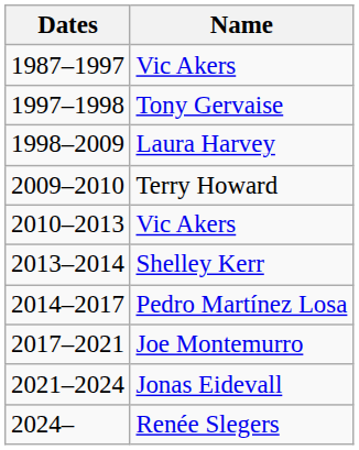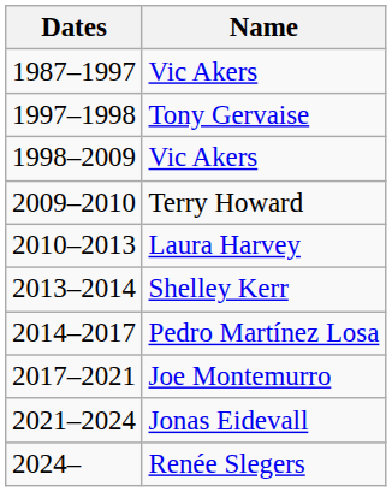 <table class="wikitable">
 <tr>
 <th>Dates</th>
 <th>Name</th>
 </tr>
 <tr>
 <td>1987–1997</td>
 <td> <a href='#'>Vic Akers</a></td>
 </tr>
 <tr>
 <td>1997–1998</td>
 <td> <a href='#'>Tony Gervaise</a></td>
 </tr>
 <tr>
 <td>1998–2009</td>
-<td> <a href='#'>Laura Harvey</a></td>
+<td> <a href='#'>Vic Akers</a></td>
 </tr>
 <tr>
 <td>2009–2010</td>
 <td> Terry Howard</td>
 </tr>
 <tr>
 <td>2010–2013</td>
-<td> <a href='#'>Vic Akers</a></td>
+<td> <a href='#'>Laura Harvey</a></td>
 </tr>
 <tr>
 <td>2013–2014</td>
 <td> <a href='#'>Shelley Kerr</a></td>
 </tr>
 <tr>
 <td>2014–2017</td>
 <td> <a href='#'>Pedro Martínez Losa</a></td>
 </tr>
 <tr>
 <td>2017–2021</td>
 <td> <a href='#'>Joe Montemurro</a></td>
 </tr>
 <tr>
 <td>2021–2024</td>
 <td> <a href='#'>Jonas Eidevall</a></td>
 </tr>
 <tr>
 <td>2024–</td>
 <td> <a href='#'>Renée Slegers</a></td>
 </tr>
 </table>
